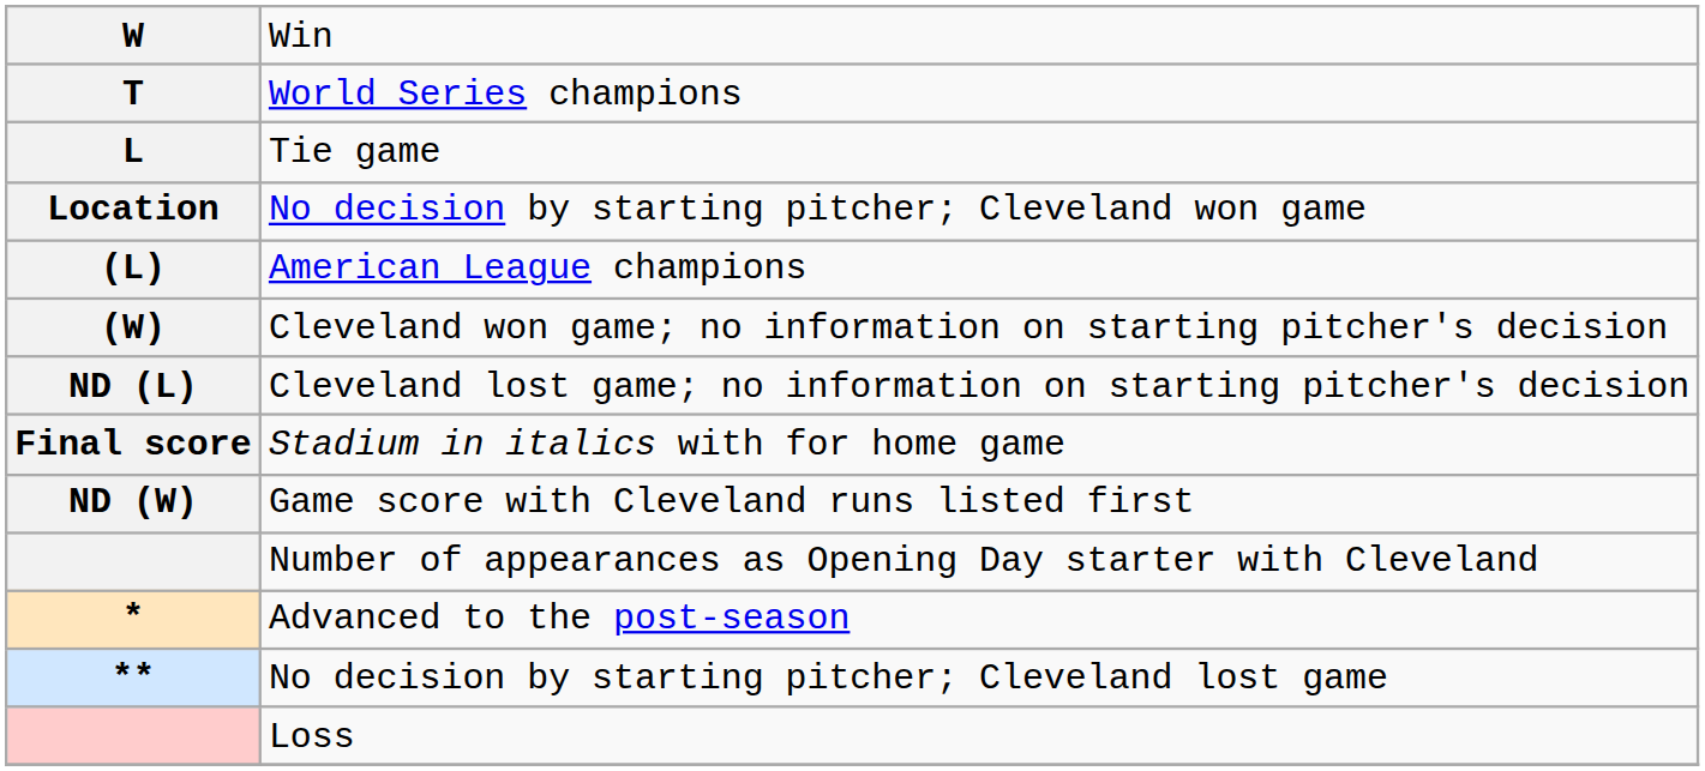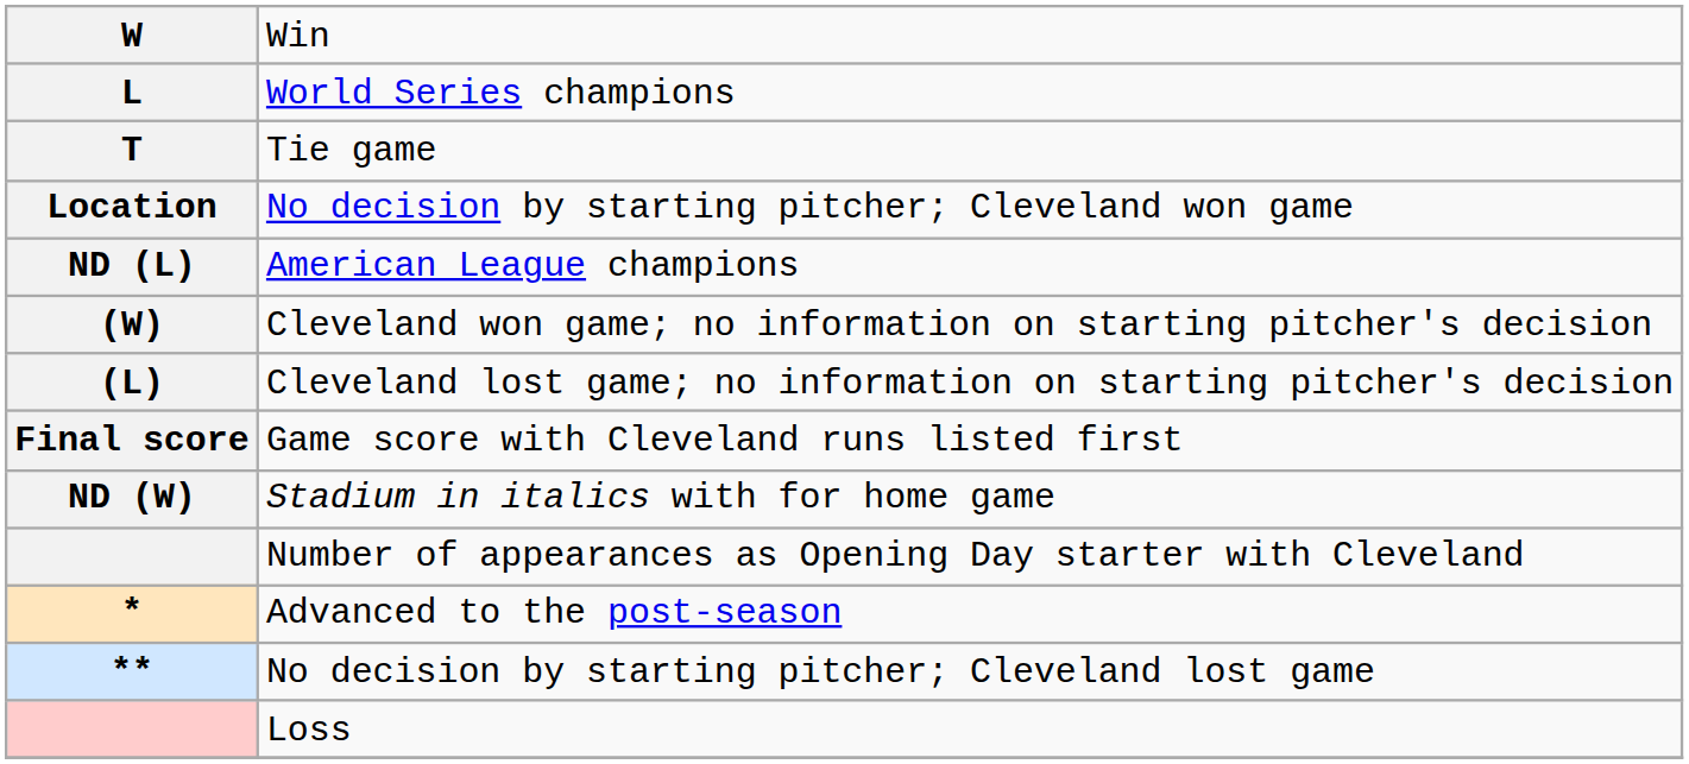 <table class="wikitable plainrowheaders">
 <tr>
 <th scope="row" align="center">W</th>
 <td>Win</td>
 </tr>
 <tr>
-<th scope="row" align="center">T</th>
+<th scope="row" align="center">L</th>
 <td><a href='#'>World Series</a> champions</td>
 </tr>
 <tr>
-<th scope="row" align="center">L</th>
+<th scope="row" align="center">T</th>
 <td>Tie game</td>
 </tr>
 <tr>
 <th scope="row" align="center">Location</th>
 <td><a href='#'>No decision</a> by starting pitcher; Cleveland won game</td>
 </tr>
 <tr>
-<th scope="row" align="center">(L)</th>
+<th scope="row" align="center">ND (L)</th>
 <td><a href='#'>American League</a> champions</td>
 </tr>
 <tr>
 <th scope="row" align="center">(W)</th>
 <td>Cleveland won game; no information on starting pitcher's decision</td>
 </tr>
 <tr>
-<th scope="row" align="center">ND (L)</th>
+<th scope="row" align="center">(L)</th>
 <td>Cleveland lost game; no information on starting pitcher's decision</td>
 </tr>
 <tr>
 <th scope="row" align="center">Final score</th>
-<td><em>Stadium in italics</em> with  for home game</td>
+<td>Game score with Cleveland runs listed first</td>
 </tr>
 <tr>
 <th scope="row" align="center">ND (W)</th>
-<td>Game score with Cleveland runs listed first</td>
+<td><em>Stadium in italics</em> with  for home game</td>
 </tr>
 <tr>
 <th scope="row" align="center"></th>
 <td>Number of appearances as Opening Day starter with Cleveland</td>
 </tr>
 <tr>
 <th style="background-color: #FFE6BD" scope="row" align="center">*</th>
 <td>Advanced to the <a href='#'>post-season</a></td>
 </tr>
 <tr>
 <th style="background-color: #D0E7FF" scope="row" align="center">**</th>
 <td>No decision by starting pitcher; Cleveland lost game</td>
 </tr>
 <tr>
 <th style="background-color: #FFCCCC" scope="row" align="center"></th>
 <td>Loss</td>
 </tr>
 <tr>
 </tr>
 </table>
